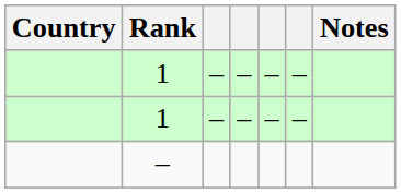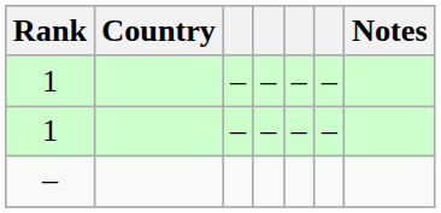 <table class="wikitable sortable" style="text-align: center;">
 <tr>
+<th>Rank</th>
 <th>Country</th>
-<th>Rank</th>
 <th></th>
 <th></th>
 <th></th>
 <th></th>
 <th>Notes</th>
 </tr>
 <tr style="background:#cfc;">
+<td>1</td>
 <td align=left></td>
-<td>1</td>
 <td>–</td>
 <td>–</td>
 <td>–</td>
 <td>–</td>
 <td></td>
 </tr>
 <tr style="background:#cfc;">
+<td>1</td>
 <td align=left></td>
-<td>1</td>
 <td>–</td>
 <td>–</td>
 <td>–</td>
 <td>–</td>
 <td></td>
 </tr>
 <tr>
+<td>–</td>
 <td align=left></td>
-<td>–</td>
 <td></td>
 <td></td>
 <td></td>
 <td></td>
 <td></td>
 </tr>
 </table>
